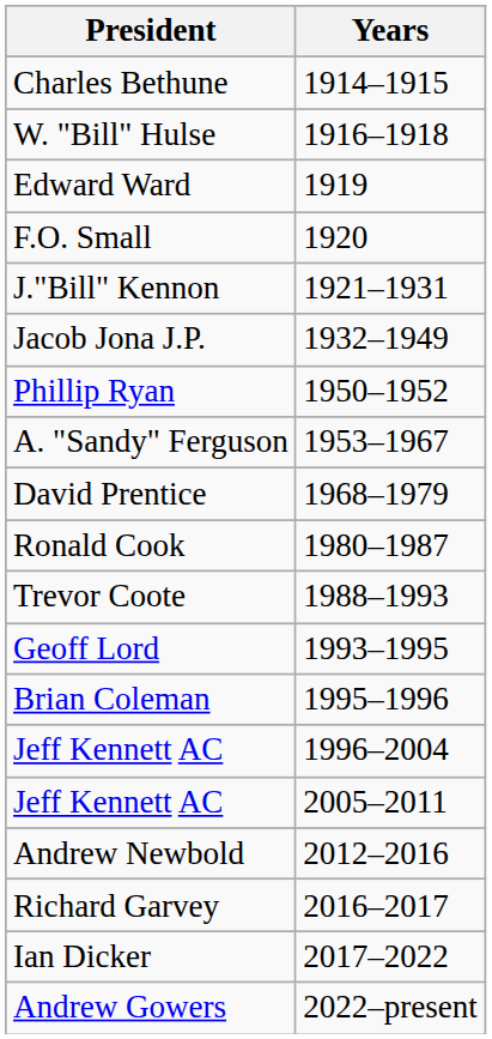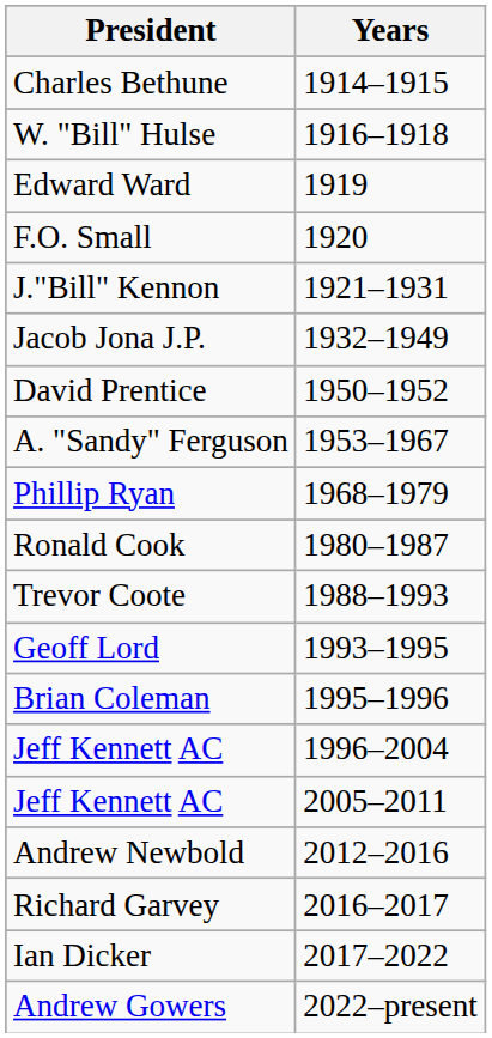 <table class="wikitable">
 <tr>
 <th>President</th>
 <th>Years</th>
 </tr>
 <tr>
 <td>Charles Bethune</td>
 <td>1914–1915</td>
 </tr>
 <tr>
 <td>W. "Bill" Hulse</td>
 <td>1916–1918</td>
 </tr>
 <tr>
 <td>Edward Ward</td>
 <td>1919</td>
 </tr>
 <tr>
 <td>F.O. Small</td>
 <td>1920</td>
 </tr>
 <tr>
 <td>J."Bill" Kennon</td>
 <td>1921–1931</td>
 </tr>
 <tr>
 <td>Jacob Jona J.P.</td>
 <td>1932–1949</td>
 </tr>
 <tr>
-<td><a href='#'>Phillip Ryan</a></td>
+<td>David Prentice</td>
 <td>1950–1952</td>
 </tr>
 <tr>
 <td>A. "Sandy" Ferguson</td>
 <td>1953–1967</td>
 </tr>
 <tr>
-<td>David Prentice</td>
+<td><a href='#'>Phillip Ryan</a></td>
 <td>1968–1979</td>
 </tr>
 <tr>
 <td>Ronald Cook</td>
 <td>1980–1987</td>
 </tr>
 <tr>
 <td>Trevor Coote</td>
 <td>1988–1993</td>
 </tr>
 <tr>
 <td><a href='#'>Geoff Lord</a></td>
 <td>1993–1995</td>
 </tr>
 <tr>
 <td><a href='#'>Brian Coleman</a></td>
 <td>1995–1996</td>
 </tr>
 <tr>
 <td><a href='#'>Jeff Kennett</a> <a href='#'>AC</a></td>
 <td>1996–2004</td>
 </tr>
 <tr>
 <td><a href='#'>Jeff Kennett</a> <a href='#'>AC</a></td>
 <td>2005–2011</td>
 </tr>
 <tr>
 <td>Andrew Newbold</td>
 <td>2012–2016</td>
 </tr>
 <tr>
 <td>Richard Garvey</td>
 <td>2016–2017</td>
 </tr>
 <tr>
 <td>Ian Dicker</td>
 <td>2017–2022</td>
 </tr>
 <tr>
 <td><a href='#'>Andrew Gowers</a></td>
 <td>2022–present</td>
 </tr>
 </table>
